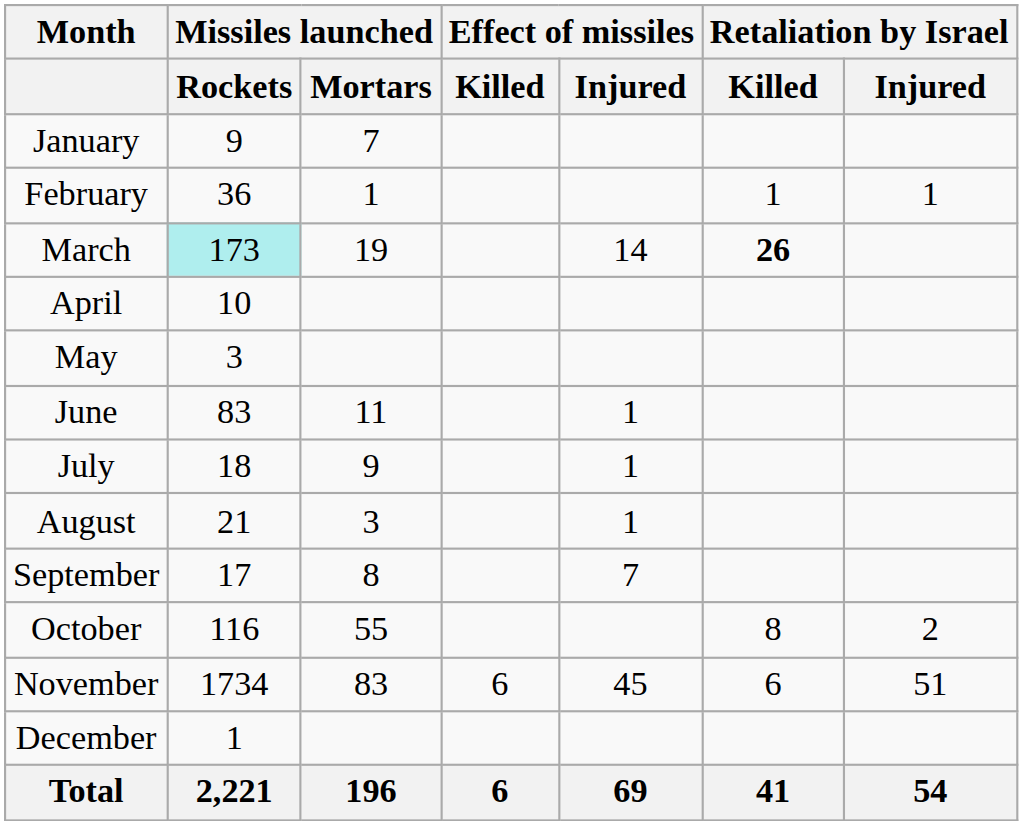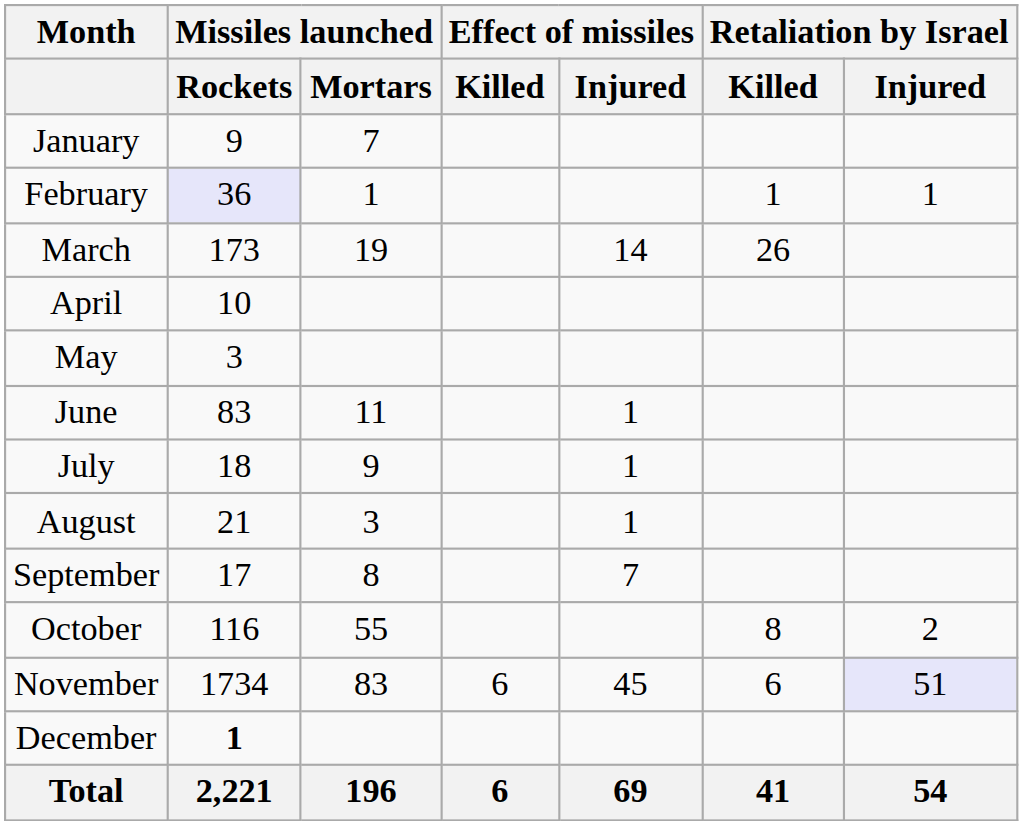 <table class="wikitable" style="text-align:center;">
 <tr>
 <th>Month</th>
 <th colspan=2>Missiles launched</th>
 <th colspan=2>Effect of missiles</th>
 <th colspan=2>Retaliation by Israel</th>
 </tr>
 <tr>
 <th></th>
 <th>Rockets</th>
 <th>Mortars</th>
 <th>Killed</th>
 <th>Injured</th>
 <th>Killed</th>
 <th>Injured</th>
 </tr>
 <tr>
 <td>January</td>
 <td>9</td>
 <td>7</td>
 <td></td>
 <td></td>
 <td></td>
 <td></td>
 </tr>
 <tr>
 <td>February</td>
-<td>36</td>
+<td style="background: lavender;">36</td>
 <td>1</td>
 <td></td>
 <td></td>
 <td>1</td>
 <td>1</td>
 </tr>
 <tr>
 <td>March</td>
-<td style="background: paleturquoise;">173</td>
+<td>173</td>
 <td>19</td>
 <td></td>
 <td>14</td>
-<td><strong>26</strong></td>
+<td>26</td>
 <td></td>
 </tr>
 <tr>
 <td>April</td>
 <td>10</td>
 <td></td>
 <td></td>
 <td></td>
 <td></td>
 <td></td>
 </tr>
 <tr>
 <td>May</td>
 <td>3</td>
 <td></td>
 <td></td>
 <td></td>
 <td></td>
 <td></td>
 </tr>
 <tr>
 <td>June</td>
 <td>83</td>
 <td>11</td>
 <td></td>
 <td>1</td>
 <td></td>
 <td></td>
 </tr>
 <tr>
 <td>July</td>
 <td>18</td>
 <td>9</td>
 <td></td>
 <td>1</td>
 <td></td>
 <td></td>
 </tr>
 <tr>
 <td>August</td>
 <td>21</td>
 <td>3</td>
 <td></td>
 <td>1</td>
 <td></td>
 <td></td>
 </tr>
 <tr>
 <td>September</td>
 <td>17</td>
 <td>8</td>
 <td></td>
 <td>7</td>
 <td></td>
 <td></td>
 </tr>
 <tr>
 <td>October</td>
 <td>116</td>
 <td>55</td>
 <td></td>
 <td></td>
 <td>8</td>
 <td>2</td>
 </tr>
 <tr>
 <td>November</td>
 <td>1734</td>
 <td>83</td>
 <td>6</td>
 <td>45</td>
 <td>6</td>
-<td>51</td>
+<td style="background: lavender;">51</td>
 </tr>
 <tr>
 <td>December</td>
-<td>1</td>
+<td><strong>1</strong></td>
 <td></td>
 <td></td>
 <td></td>
 <td></td>
 <td></td>
 </tr>
 <tr>
 <th>Total</th>
 <th>2,221</th>
 <th>196</th>
 <th>6</th>
 <th>69</th>
 <th>41</th>
 <th>54</th>
 </tr>
 </table>
